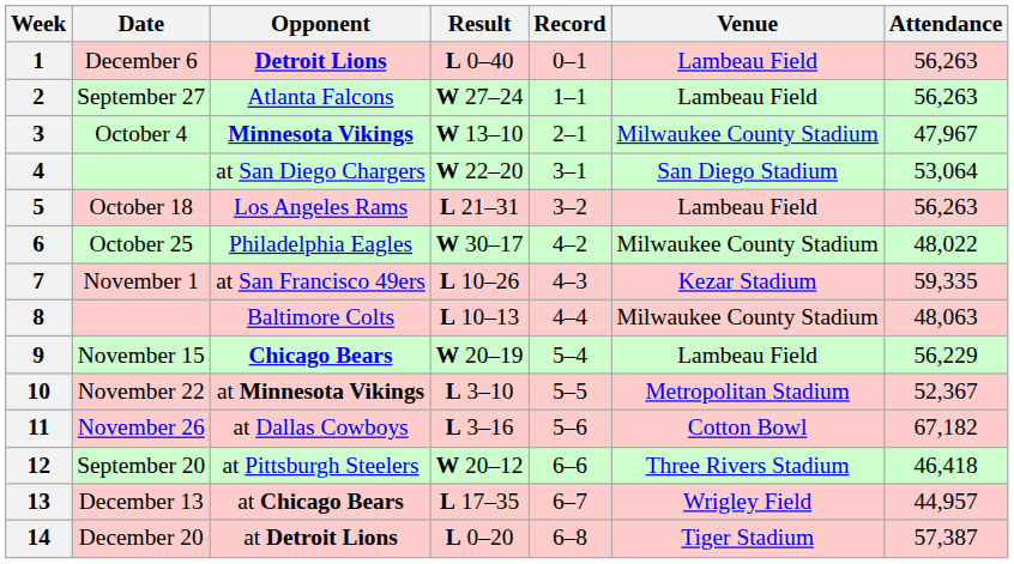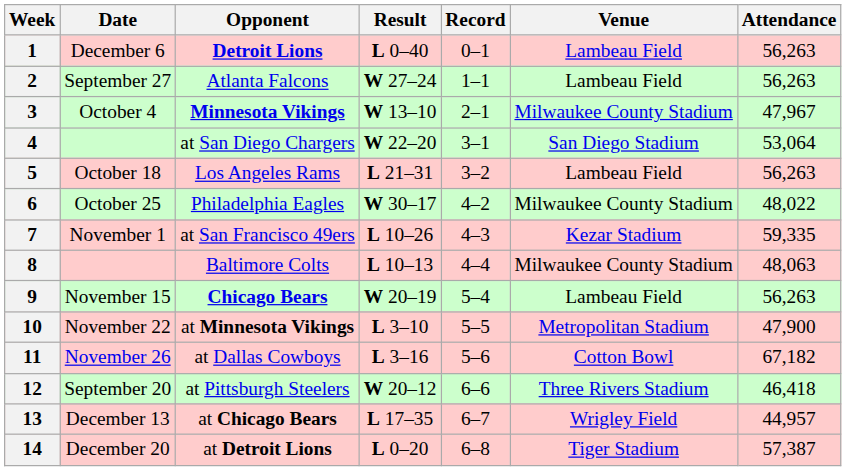 <table class="wikitable" style="text-align:center">
 <tr>
 <th>Week</th>
 <th>Date</th>
 <th>Opponent</th>
 <th>Result</th>
 <th>Record</th>
 <th>Venue</th>
 <th>Attendance</th>
 </tr>
 <tr style="background:#fcc">
 <th>1</th>
 <td>December 6</td>
 <td><strong><a href='#'>Detroit Lions</a></strong></td>
 <td><strong>L</strong> 0–40</td>
 <td>0–1</td>
 <td><a href='#'>Lambeau Field</a></td>
 <td>56,263</td>
 </tr>
 <tr style="background:#cfc">
 <th>2</th>
 <td>September 27</td>
 <td><a href='#'>Atlanta Falcons</a></td>
 <td><strong>W</strong> 27–24</td>
 <td>1–1</td>
 <td>Lambeau Field</td>
 <td>56,263</td>
 </tr>
 <tr style="background:#cfc">
 <th>3</th>
 <td>October 4</td>
 <td><strong><a href='#'>Minnesota Vikings</a></strong></td>
 <td><strong>W</strong> 13–10</td>
 <td>2–1</td>
 <td><a href='#'>Milwaukee County Stadium</a></td>
 <td>47,967</td>
 </tr>
 <tr style="background:#cfc">
 <th>4</th>
 <td></td>
 <td>at <a href='#'>San Diego Chargers</a></td>
 <td><strong>W</strong> 22–20</td>
 <td>3–1</td>
 <td><a href='#'>San Diego Stadium</a></td>
 <td>53,064</td>
 </tr>
 <tr style="background:#fcc">
 <th>5</th>
 <td>October 18</td>
 <td><a href='#'>Los Angeles Rams</a></td>
 <td><strong>L</strong> 21–31</td>
 <td>3–2</td>
 <td>Lambeau Field</td>
 <td>56,263</td>
 </tr>
 <tr style="background:#cfc">
 <th>6</th>
 <td>October 25</td>
 <td><a href='#'>Philadelphia Eagles</a></td>
 <td><strong>W</strong> 30–17</td>
 <td>4–2</td>
 <td>Milwaukee County Stadium</td>
 <td>48,022</td>
 </tr>
 <tr style="background:#fcc">
 <th>7</th>
 <td>November 1</td>
 <td>at <a href='#'>San Francisco 49ers</a></td>
 <td><strong>L</strong> 10–26</td>
 <td>4–3</td>
 <td><a href='#'>Kezar Stadium</a></td>
 <td>59,335</td>
 </tr>
 <tr style="background:#fcc">
 <th>8</th>
 <td></td>
 <td><a href='#'>Baltimore Colts</a></td>
 <td><strong>L</strong> 10–13</td>
 <td>4–4</td>
 <td>Milwaukee County Stadium</td>
 <td>48,063</td>
 </tr>
 <tr style="background:#cfc">
 <th>9</th>
 <td>November 15</td>
 <td><strong><a href='#'>Chicago Bears</a></strong></td>
 <td><strong>W</strong> 20–19</td>
 <td>5–4</td>
 <td>Lambeau Field</td>
-<td>56,229</td>
+<td>56,263</td>
 </tr>
 <tr style="background:#fcc">
 <th>10</th>
 <td>November 22</td>
 <td>at <strong>Minnesota Vikings</strong></td>
 <td><strong>L</strong> 3–10</td>
 <td>5–5</td>
 <td><a href='#'>Metropolitan Stadium</a></td>
-<td>52,367</td>
+<td>47,900</td>
 </tr>
 <tr style="background:#fcc">
 <th>11</th>
 <td><a href='#'>November 26</a></td>
 <td>at <a href='#'>Dallas Cowboys</a></td>
 <td><strong>L</strong> 3–16</td>
 <td>5–6</td>
 <td><a href='#'>Cotton Bowl</a></td>
 <td>67,182</td>
 </tr>
 <tr style="background:#cfc">
 <th>12</th>
 <td>September 20</td>
 <td>at <a href='#'>Pittsburgh Steelers</a></td>
 <td><strong>W</strong> 20–12</td>
 <td>6–6</td>
 <td><a href='#'>Three Rivers Stadium</a></td>
 <td>46,418</td>
 </tr>
 <tr style="background:#fcc">
 <th>13</th>
 <td>December 13</td>
 <td>at <strong>Chicago Bears</strong></td>
 <td><strong>L</strong> 17–35</td>
 <td>6–7</td>
 <td><a href='#'>Wrigley Field</a></td>
 <td>44,957</td>
 </tr>
 <tr style="background:#fcc">
 <th>14</th>
 <td>December 20</td>
 <td>at <strong>Detroit Lions</strong></td>
 <td><strong>L</strong> 0–20</td>
 <td>6–8</td>
 <td><a href='#'>Tiger Stadium</a></td>
 <td>57,387</td>
 </tr>
 </table>
